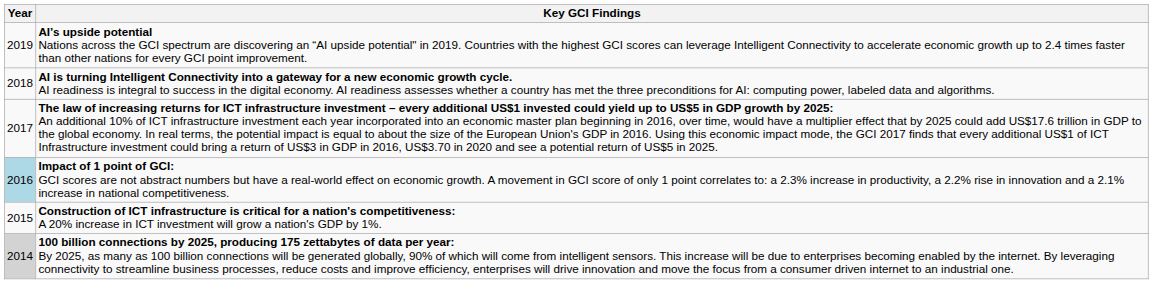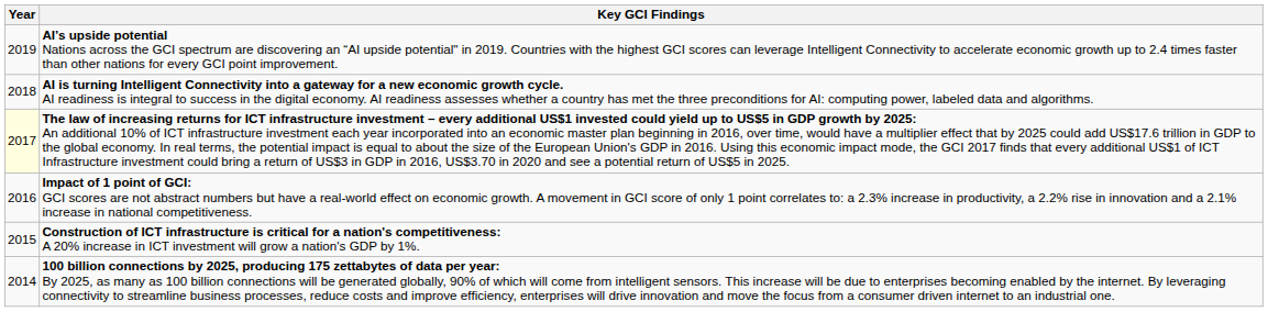 <table class="wikitable">
 <tr>
 <th>Year</th>
 <th>Key GCI Findings</th>
 </tr>
 <tr>
 <td>2019</td>
 <td><strong>AI’s upside potential</strong><br>Nations across the GCI spectrum are discovering an “AI upside  potential" in 2019. Countries with the highest GCI  scores can leverage Intelligent Connectivity to accelerate economic growth up to 2.4 times faster than other nations for every GCI point improvement.</td>
 </tr>
 <tr>
 <td>2018</td>
 <td><strong>AI is turning Intelligent Connectivity into  a gateway for a new economic growth cycle.</strong><br>AI readiness is integral to success in the digital economy. AI readiness assesses whether a country has met the three preconditions for AI:  computing power, labeled data and algorithms.   </td>
 </tr>
 <tr>
-<td>2017</td>
+<td style="background: lightyellow;">2017</td>
 <td><strong>The law of  increasing returns for ICT infrastructure investment – every additional US$1  invested could yield up to US$5 in GDP growth by 2025:</strong><br>An additional 10% of ICT infrastructure investment each year incorporated into an economic master plan beginning in 2016, over time, would have a multiplier effect that by 2025 could add US$17.6 trillion in GDP to the global economy. In real terms, the potential impact is equal to about the  size of the European Union's GDP in 2016. Using this economic impact mode,  the GCI 2017 finds that every additional US$1 of ICT Infrastructure  investment could bring a return of US$3 in GDP in 2016, US$3.70 in 2020 and  see a potential return of US$5 in 2025.</td>
 </tr>
 <tr>
-<td style="background: lightblue;">2016</td>
+<td>2016</td>
 <td><strong>Impact of 1 point of  GCI:</strong><br>GCI scores are not abstract numbers but have a real-world effect on economic growth. A movement in GCI score of only 1 point correlates to: a 2.3% increase in productivity, a 2.2% rise in innovation and a 2.1% increase in national competitiveness.</td>
 </tr>
 <tr>
 <td>2015</td>
 <td><strong>Construction of ICT  infrastructure is critical for a nation's competitiveness:</strong><br>A 20% increase in ICT investment will grow a nation's GDP by  1%.</td>
 </tr>
 <tr>
-<td style="background: lightgrey;">2014</td>
+<td>2014</td>
 <td><strong>100 billion  connections by 2025, producing 175 zettabytes of data per year:</strong><br>By 2025, as many as 100 billion connections will be generated  globally, 90% of which will come from intelligent sensors. This increase will be due to enterprises becoming enabled by the internet. By leveraging connectivity to streamline business processes, reduce costs and improve  efficiency, enterprises will drive innovation and move the focus from a consumer driven internet to an industrial one.</td>
 </tr>
 </table>
